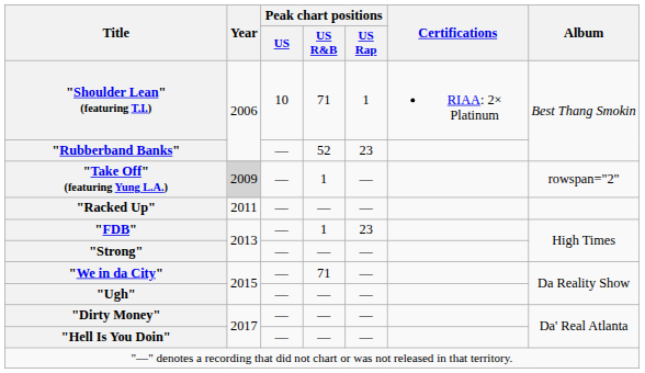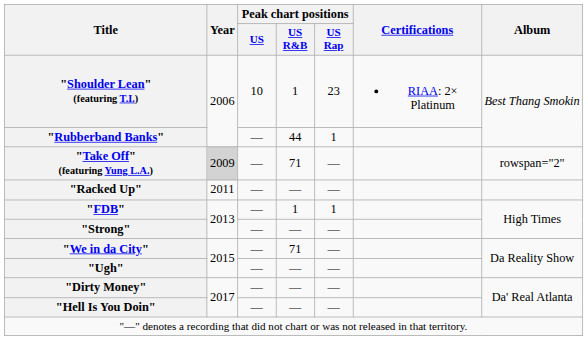 <table class="wikitable plainrowheaders" style="text-align:center">
 <tr>
 <th scope="col" rowspan="2" style="width:16em;">Title</th>
 <th scope="col" rowspan="2">Year</th>
 <th scope="col" colspan="3">Peak chart positions</th>
 <th scope="col" rowspan="2" style="width:10em;"><a href='#'>Certifications</a></th>
 <th scope="col" rowspan="2">Album</th>
 </tr>
 <tr>
 <th scope="col" style="width:3em;font-size:90%;"><a href='#'>US</a><br></th>
 <th scope="col" style="width:3em;font-size:90%;"><a href='#'>US<br>R&B</a><br></th>
 <th scope="col" style="width:3em;font-size:90%;"><a href='#'>US<br>Rap</a><br></th>
 </tr>
 <tr>
 <th scope="row">"<a href='#'>Shoulder Lean</a>"<br><small>(featuring <a href='#'>T.I.</a>)</small></th>
 <td rowspan="2">2006</td>
 <td>10</td>
-<td>71</td>
 <td>1</td>
+<td>23</td>
 <td><br><ul><li><a href='#'>RIAA</a>: 2× Platinum</li></ul></td>
 <td rowspan="2"><em>Best Thang Smokin<strong></td>
 </tr>
 <tr>
 <th scope="row">"<a href='#'>Rubberband Banks</a>"</th>
 <td>—</td>
-<td>52</td>
-<td>23</td>
+<td>44</td>
+<td>1</td>
 <td></td>
 </tr>
 <tr>
 <th scope="row">"<a href='#'>Take Off</a>"<br><small>(featuring <a href='#'>Yung L.A.</a>)</small></th>
 <td style="background: lightgrey;">2009</td>
 <td>—</td>
-<td>1</td>
+<td>71</td>
 <td>—</td>
 <td></td>
 <td>rowspan="2" </td>
 </tr>
 <tr>
 <th scope="row">"Racked Up"</th>
 <td>2011</td>
 <td>—</td>
 <td>—</td>
 <td>—</td>
 <td></td>
 </tr>
 <tr>
 <th scope="row">"<a href='#'>FDB</a>"</th>
 <td rowspan="2">2013</td>
 <td>—</td>
 <td>1</td>
-<td>23</td>
+<td>1</td>
 <td></td>
 <td rowspan="2"></em>High Times<em></td>
 </tr>
 <tr>
 <th scope="row">"Strong"</th>
 <td>—</td>
 <td>—</td>
 <td>—</td>
 <td></td>
 </tr>
 <tr>
 <th scope="row">"<a href='#'>We in da City</a>"</th>
 <td rowspan="2">2015</td>
 <td>—</td>
 <td>71</td>
 <td>—</td>
 <td></td>
 <td rowspan="2"></em>Da Reality Show<em></td>
 </tr>
 <tr>
 <th scope="row">"Ugh"</th>
 <td>—</td>
 <td>—</td>
 <td>—</td>
 <td></td>
 </tr>
 <tr>
 <th scope="row">"Dirty Money"</th>
 <td rowspan="2">2017</td>
 <td>—</td>
 <td>—</td>
 <td>—</td>
 <td></td>
 <td rowspan="2"></em>Da' Real Atlanta<em></td>
 </tr>
 <tr>
 <th scope="row">"Hell Is You Doin"</th>
 <td>—</td>
 <td>—</td>
 <td>—</td>
 <td></td>
 </tr>
 <tr>
 <td colspan="10" style="font-size:90%">"—" denotes a recording that did not chart or was not released in that territory.</td>
 </tr>
 </table>
